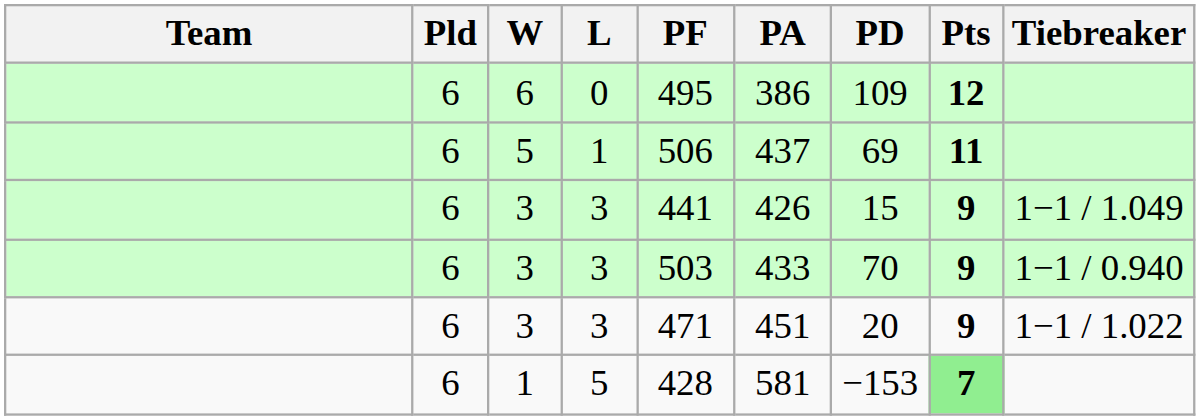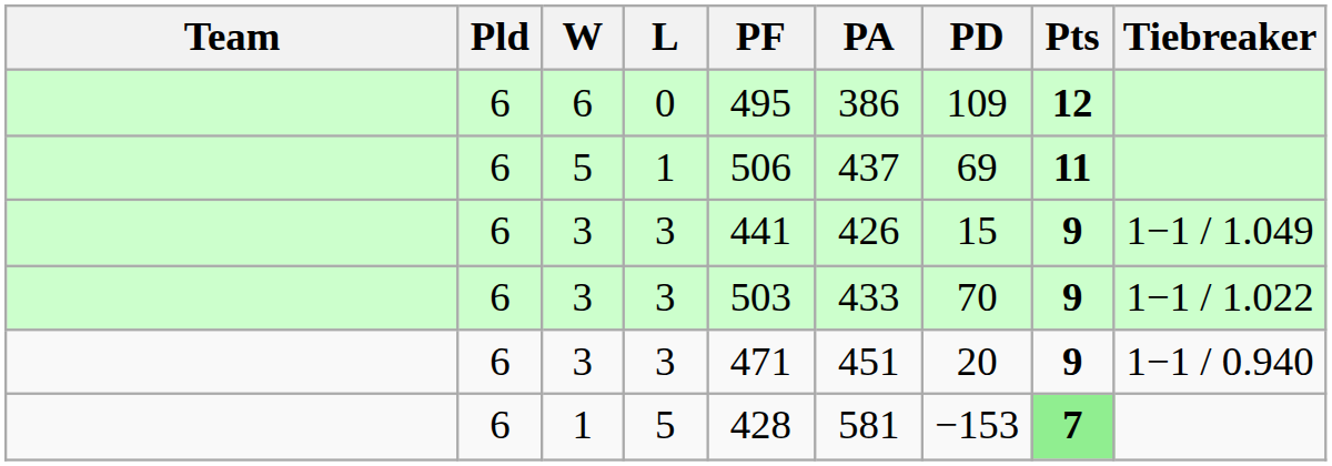 <table class="wikitable" style="text-align:center;">
 <tr>
 <th width=170>Team</th>
 <th width=25>Pld</th>
 <th width=25>W</th>
 <th width=25>L</th>
 <th width=35>PF</th>
 <th width=35>PA</th>
 <th width=35>PD</th>
 <th width=25>Pts</th>
 <th width=50>Tiebreaker</th>
 </tr>
 <tr bgcolor="#ccffcc">
 <td align=left></td>
 <td>6</td>
 <td>6</td>
 <td>0</td>
 <td>495</td>
 <td>386</td>
 <td>109</td>
 <td><strong>12</strong></td>
 <td></td>
 </tr>
 <tr bgcolor="#ccffcc">
 <td align=left></td>
 <td>6</td>
 <td>5</td>
 <td>1</td>
 <td>506</td>
 <td>437</td>
 <td>69</td>
 <td><strong>11</strong></td>
 <td></td>
 </tr>
 <tr bgcolor="#ccffcc">
 <td align=left></td>
 <td>6</td>
 <td>3</td>
 <td>3</td>
 <td>441</td>
 <td>426</td>
 <td>15</td>
 <td><strong>9</strong></td>
 <td>1−1 / 1.049</td>
 </tr>
 <tr bgcolor="#ccffcc">
 <td align=left></td>
 <td>6</td>
 <td>3</td>
 <td>3</td>
 <td>503</td>
 <td>433</td>
 <td>70</td>
 <td><strong>9</strong></td>
-<td>1−1 / 0.940</td>
+<td>1−1 / 1.022</td>
 </tr>
 <tr>
 <td align=left></td>
 <td>6</td>
 <td>3</td>
 <td>3</td>
 <td>471</td>
 <td>451</td>
 <td>20</td>
 <td><strong>9</strong></td>
-<td>1−1 / 1.022</td>
+<td>1−1 / 0.940</td>
 </tr>
 <tr>
 <td align=left></td>
 <td>6</td>
 <td>1</td>
 <td>5</td>
 <td>428</td>
 <td>581</td>
 <td>−153</td>
 <td style="background: lightgreen;"><strong>7</strong></td>
 <td></td>
 </tr>
 </table>
